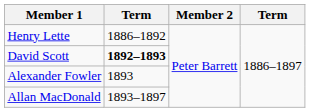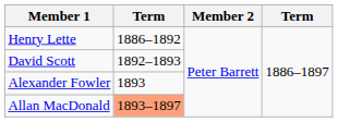 <table class="wikitable">
 <tr>
 <th>Member 1</th>
 <th>Term</th>
 <th>Member 2</th>
 <th>Term</th>
 </tr>
 <tr>
 <td><a href='#'>Henry Lette</a></td>
 <td>1886–1892</td>
 <td rowspan=4><a href='#'>Peter Barrett</a></td>
 <td rowspan=4>1886–1897</td>
 </tr>
 <tr>
 <td><a href='#'>David Scott</a></td>
-<td><strong>1892–1893</strong></td>
+<td>1892–1893</td>
 </tr>
 <tr>
 <td><a href='#'>Alexander Fowler</a></td>
 <td>1893</td>
 </tr>
 <tr>
 <td><a href='#'>Allan MacDonald</a></td>
-<td>1893–1897</td>
+<td style="background: lightsalmon;">1893–1897</td>
 </tr>
 </table>
